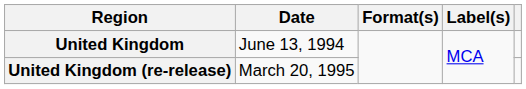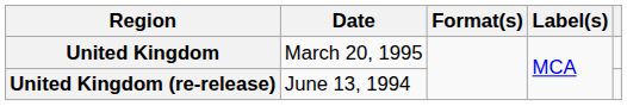 <table class="wikitable plainrowheaders">
 <tr>
 <th scope="col">Region</th>
 <th scope="col">Date</th>
 <th scope="col">Format(s)</th>
 <th scope="col">Label(s)</th>
 <th scope="col"></th>
 </tr>
 <tr>
 <th scope="row">United Kingdom</th>
-<td>June 13, 1994</td>
+<td>March 20, 1995</td>
 <td rowspan="2"></td>
 <td rowspan="2"><a href='#'>MCA</a></td>
 <td></td>
 </tr>
 <tr>
 <th scope="row">United Kingdom (re-release)</th>
-<td>March 20, 1995</td>
+<td>June 13, 1994</td>
 <td></td>
 </tr>
 </table>
